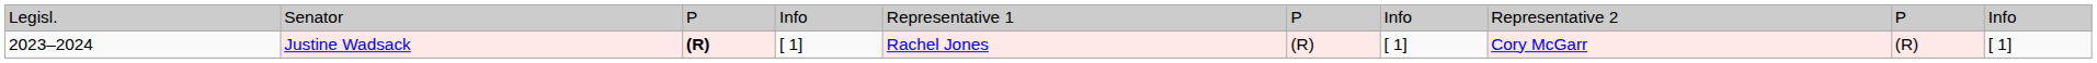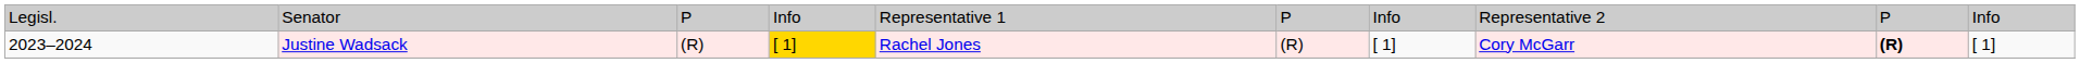 <table class=wikitable width="100%" border="1">
 <tr style="background-color:#cccccc;">
 <td>Legisl.</td>
 <td>Senator</td>
 <td>P</td>
 <td>Info</td>
 <td>Representative 1</td>
 <td>P</td>
 <td>Info</td>
 <td>Representative 2</td>
 <td>P</td>
 <td>Info</td>
 </tr>
 <tr>
 <td>2023–2024</td>
 <td style="background:#FFE8E8"><a href='#'>Justine Wadsack</a></td>
-<td style="background:#FFE8E8"><strong>(R)</strong></td>
-<td>[ 1]</td>
+<td style="background:#FFE8E8">(R)</td>
+<td style="background: gold;">[ 1]</td>
 <td style="background:#FFE8E8"><a href='#'>Rachel Jones</a></td>
 <td style="background:#FFE8E8">(R)</td>
 <td>[ 1]</td>
 <td style="background:#FFE8E8"><a href='#'>Cory McGarr</a></td>
-<td style="background:#FFE8E8">(R)</td>
+<td style="background:#FFE8E8"><strong>(R)</strong></td>
 <td>[ 1]</td>
 </tr>
 <tr>
 </tr>
 </table>
